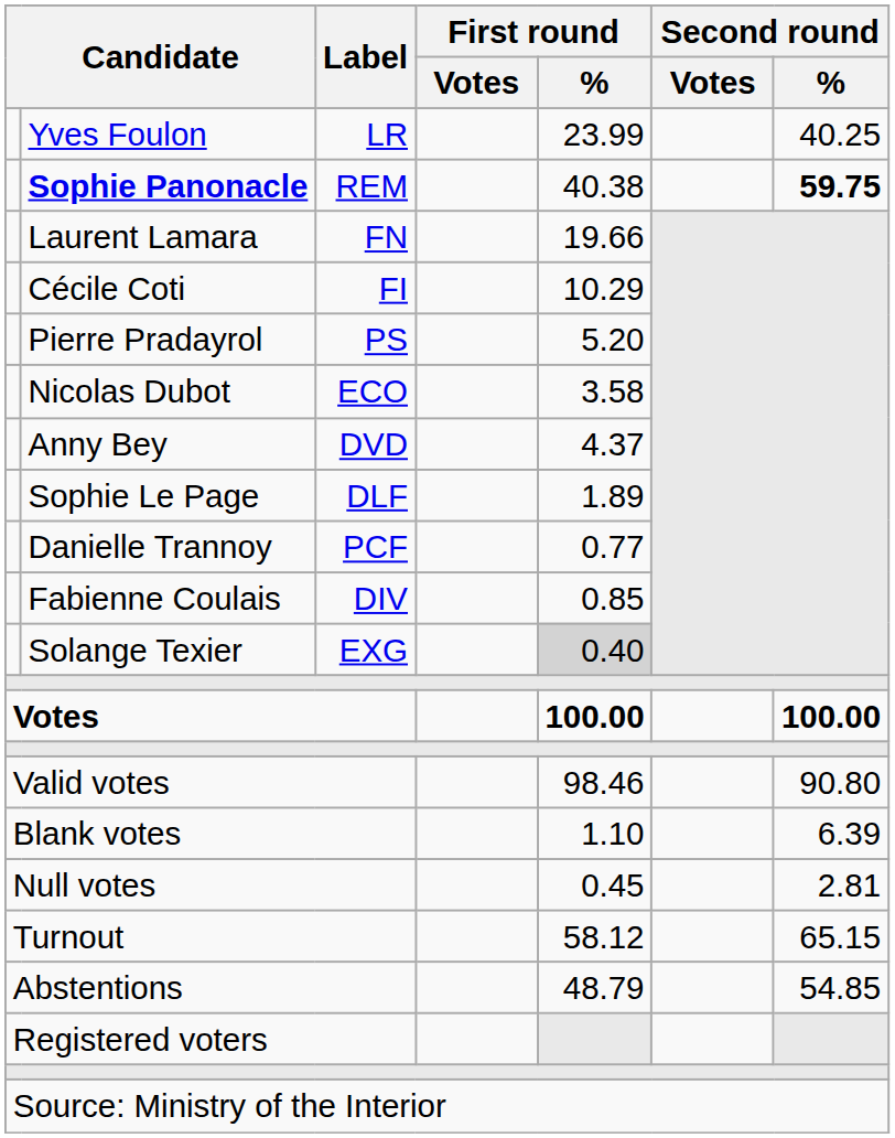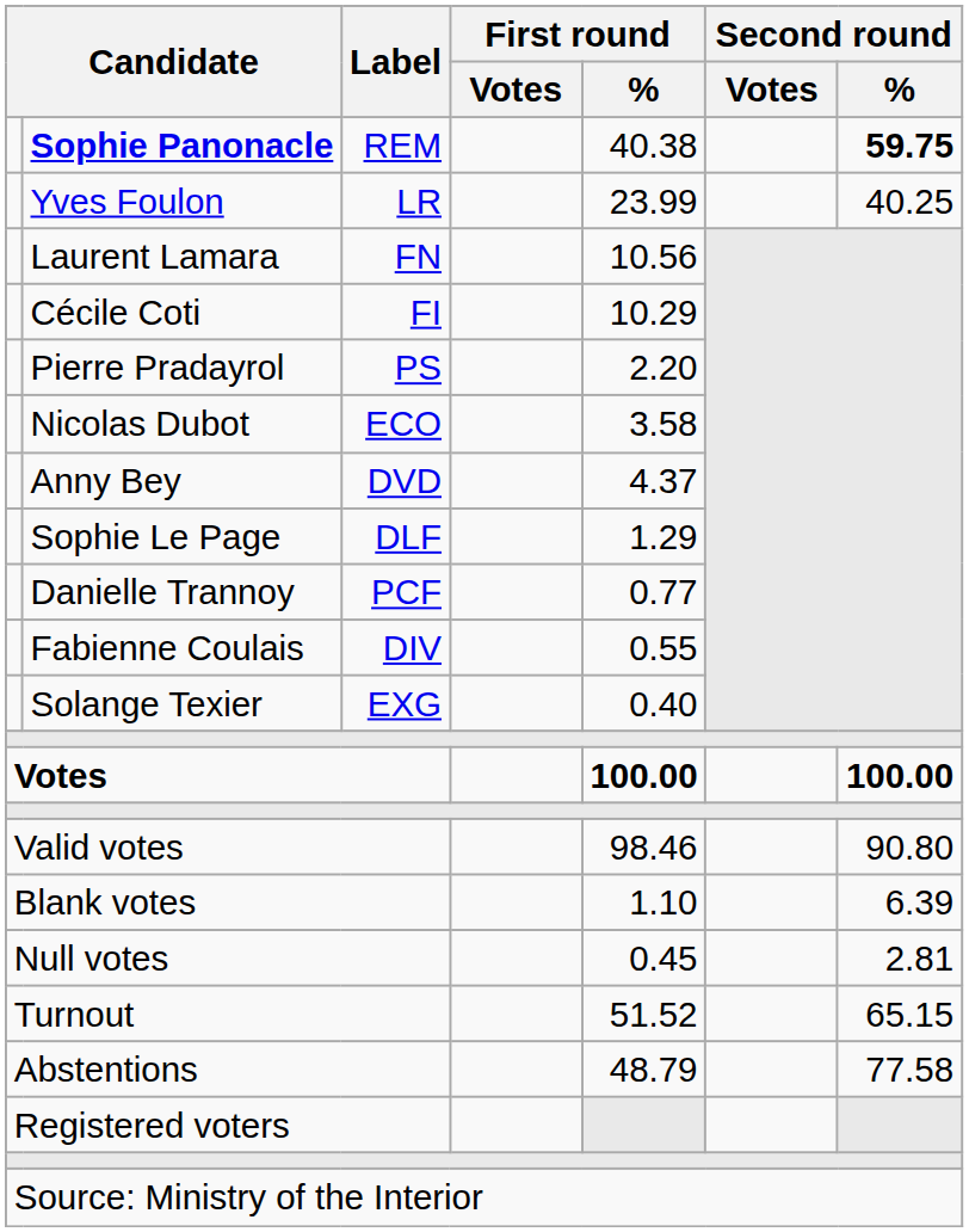 <table class="wikitable" style="text-align:right;font-size:95%;">
 <tr>
 <th rowspan="2" colspan="2">Candidate</th>
 <th rowspan="2">Label</th>
 <th colspan="2">First round</th>
 <th colspan="2">Second round</th>
 </tr>
 <tr>
 <th style="width:50px;">Votes</th>
 <th style="width:45px;">%</th>
 <th style="width:50px;">Votes</th>
 <th style="width:45px;">%</th>
 </tr>
 <tr>
 <td style="color:inherit;background:"></td>
+<td style="text-align:left;"><strong><a href='#'>Sophie Panonacle</a></strong></td>
+<td><a href='#'>REM</a></td>
+<td></td>
+<td>40.38</td>
+<td><strong></strong></td>
+<td><strong>59.75</strong></td>
+</tr>
+<tr>
+<td style="color:inherit;background:"></td>
 <td style="text-align:left;"><a href='#'>Yves Foulon</a></td>
 <td><a href='#'>LR</a></td>
 <td></td>
 <td>23.99</td>
 <td></td>
 <td>40.25</td>
 </tr>
 <tr>
 <td style="color:inherit;background:"></td>
-<td style="text-align:left;"><strong><a href='#'>Sophie Panonacle</a></strong></td>
-<td><a href='#'>REM</a></td>
-<td></td>
-<td>40.38</td>
-<td><strong></strong></td>
-<td><strong>59.75</strong></td>
-</tr>
-<tr>
-<td style="color:inherit;background:"></td>
 <td style="text-align:left;">Laurent Lamara</td>
 <td><a href='#'>FN</a></td>
 <td></td>
-<td>19.66</td>
+<td>10.56</td>
 <td colspan="2" rowspan="9" style="background:#E9E9E9;"></td>
 </tr>
 <tr>
 <td style="color:inherit;background:"></td>
 <td style="text-align:left;">Cécile Coti</td>
 <td><a href='#'>FI</a></td>
 <td></td>
 <td>10.29</td>
 </tr>
 <tr>
 <td style="color:inherit;background:"></td>
 <td style="text-align:left;">Pierre Pradayrol</td>
 <td><a href='#'>PS</a></td>
 <td></td>
-<td>5.20</td>
+<td>2.20</td>
 </tr>
 <tr>
 <td style="color:inherit;background:"></td>
 <td style="text-align:left;">Nicolas Dubot</td>
 <td><a href='#'>ECO</a></td>
 <td></td>
 <td>3.58</td>
 </tr>
 <tr>
 <td style="color:inherit;background:"></td>
 <td style="text-align:left;">Anny Bey</td>
 <td><a href='#'>DVD</a></td>
 <td></td>
 <td>4.37</td>
 </tr>
 <tr>
 <td style="color:inherit;background:"></td>
 <td style="text-align:left;">Sophie Le Page</td>
 <td><a href='#'>DLF</a></td>
 <td></td>
-<td>1.89</td>
+<td>1.29</td>
 </tr>
 <tr>
 <td style="color:inherit;background:"></td>
 <td style="text-align:left;">Danielle Trannoy</td>
 <td><a href='#'>PCF</a></td>
 <td></td>
 <td>0.77</td>
 </tr>
 <tr>
 <td style="color:inherit;background:"></td>
 <td style="text-align:left;">Fabienne Coulais</td>
 <td><a href='#'>DIV</a></td>
 <td></td>
-<td>0.85</td>
+<td>0.55</td>
 </tr>
 <tr>
 <td style="color:inherit;background:"></td>
 <td style="text-align:left;">Solange Texier</td>
 <td><a href='#'>EXG</a></td>
 <td></td>
-<td style="background: lightgrey;">0.40</td>
+<td>0.40</td>
 </tr>
 <tr>
 <td colspan="7" style="background:#E9E9E9;"></td>
 </tr>
 <tr style="font-weight:bold;">
 <td colspan="3" style="text-align:left;">Votes</td>
 <td></td>
 <td>100.00</td>
 <td></td>
 <td>100.00</td>
 </tr>
 <tr>
 <td colspan="7" style="background:#E9E9E9;"></td>
 </tr>
 <tr>
 <td colspan="3" style="text-align:left;">Valid votes</td>
 <td></td>
 <td>98.46</td>
 <td></td>
 <td>90.80</td>
 </tr>
 <tr>
 <td colspan="3" style="text-align:left;">Blank votes</td>
 <td></td>
 <td>1.10</td>
 <td></td>
 <td>6.39</td>
 </tr>
 <tr>
 <td colspan="3" style="text-align:left;">Null votes</td>
 <td></td>
 <td>0.45</td>
 <td></td>
 <td>2.81</td>
 </tr>
 <tr>
 <td colspan="3" style="text-align:left;">Turnout</td>
 <td></td>
-<td>58.12</td>
+<td>51.52</td>
 <td></td>
 <td>65.15</td>
 </tr>
 <tr>
 <td colspan="3" style="text-align:left;">Abstentions</td>
 <td></td>
 <td>48.79</td>
 <td></td>
-<td>54.85</td>
+<td>77.58</td>
 </tr>
 <tr>
 <td colspan="3" style="text-align:left;">Registered voters</td>
 <td></td>
 <td style="color:inherit;background:#E9E9E9;"></td>
 <td></td>
 <td style="color:inherit;background:#E9E9E9;"></td>
 </tr>
 <tr>
 <td colspan="7" style="background:#E9E9E9;"></td>
 </tr>
 <tr>
 <td colspan="7" style="text-align:left;">Source: Ministry of the Interior</td>
 </tr>
 </table>
